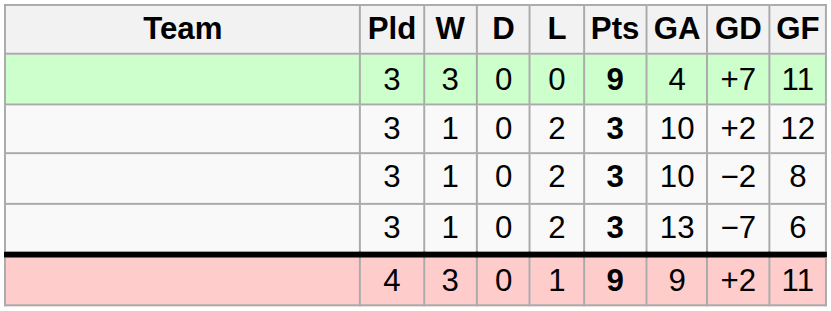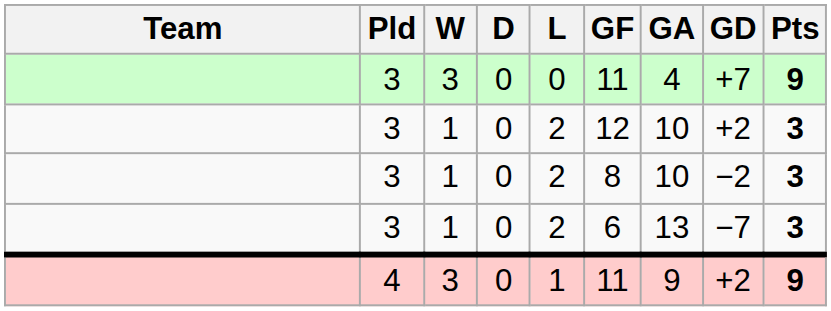 <table class="wikitable" style="text-align:center">
 <tr>
 <th width=175>Team</th>
 <th width=20>Pld</th>
 <th width=20>W</th>
 <th width=20>D</th>
 <th width=20>L</th>
-<th width=20>Pts</th>
+<th width=20>GF</th>
 <th width=20>GA</th>
 <th width=20>GD</th>
-<th width=20>GF</th>
+<th width=20>Pts</th>
 </tr>
 <tr bgcolor=ccffcc>
 <td align=left></td>
 <td>3</td>
 <td>3</td>
 <td>0</td>
 <td>0</td>
-<td><strong>9</strong></td>
+<td>11</td>
 <td>4</td>
 <td>+7</td>
-<td>11</td>
+<td><strong>9</strong></td>
 </tr>
 <tr>
 <td align=left></td>
 <td>3</td>
 <td>1</td>
 <td>0</td>
 <td>2</td>
-<td><strong>3</strong></td>
+<td>12</td>
 <td>10</td>
 <td>+2</td>
-<td>12</td>
+<td><strong>3</strong></td>
 </tr>
 <tr>
 <td align=left></td>
 <td>3</td>
 <td>1</td>
 <td>0</td>
 <td>2</td>
-<td><strong>3</strong></td>
+<td>8</td>
 <td>10</td>
 <td>−2</td>
-<td>8</td>
+<td><strong>3</strong></td>
 </tr>
 <tr>
 <td align=left></td>
 <td>3</td>
 <td>1</td>
 <td>0</td>
 <td>2</td>
-<td><strong>3</strong></td>
+<td>6</td>
 <td>13</td>
 <td>−7</td>
-<td>6</td>
+<td><strong>3</strong></td>
 </tr>
 <tr style="border-top:solid #000000" bgcolor=ffcccc>
 <td align=left></td>
 <td>4</td>
 <td>3</td>
 <td>0</td>
 <td>1</td>
-<td><strong>9</strong></td>
+<td>11</td>
 <td>9</td>
 <td>+2</td>
-<td>11</td>
+<td><strong>9</strong></td>
 </tr>
 </table>
